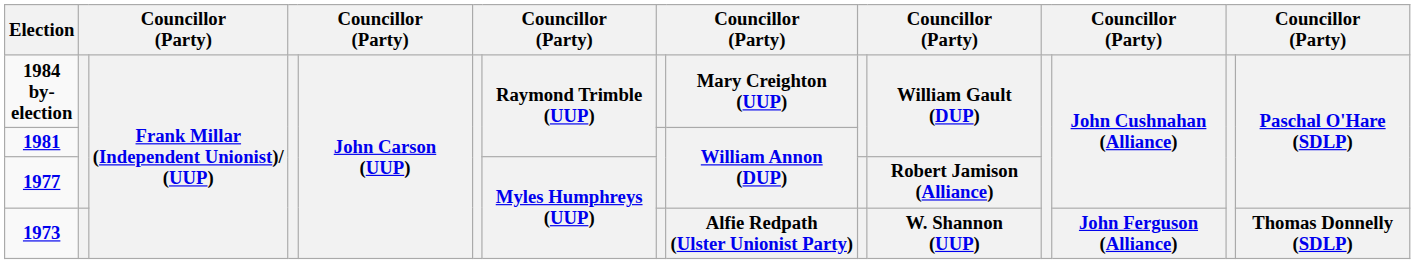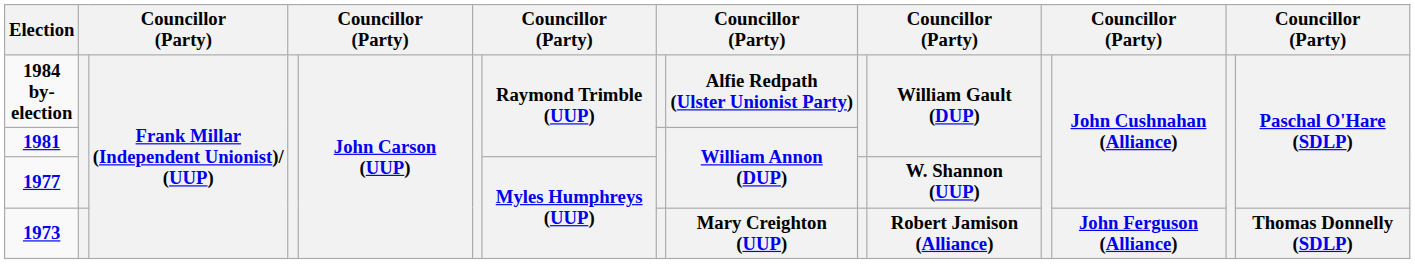 <table class="wikitable" style="text-align:center">
 <tr>
 <th scope="col" width="50">Election</th>
 <th scope="col" width="150" colspan = "2">Councillor<br> (Party)</th>
 <th scope="col" width="150" colspan = "2">Councillor<br> (Party)</th>
 <th scope="col" width="150" colspan = "2">Councillor<br> (Party)</th>
 <th scope="col" width="150" colspan = "2">Councillor<br> (Party)</th>
 <th scope="col" width="150" colspan = "2">Councillor<br> (Party)</th>
 <th scope="col" width="150" colspan = "2">Councillor<br> (Party)</th>
 <th scope="col" width="150" colspan = "2">Councillor<br> (Party)</th>
 </tr>
 <tr>
 <td><strong>1984 by-election</strong></td>
 <th rowspan="3" width="1" style="background-color: "></th>
 <th rowspan = "4"><a href='#'>Frank Millar</a> <br> (<a href='#'>Independent Unionist</a>)/ <br> (<a href='#'>UUP</a>)</th>
 <th rowspan="4" width="1" style="background-color: "></th>
 <th rowspan = "4"><a href='#'>John Carson</a> <br> (<a href='#'>UUP</a>)</th>
 <th rowspan="4" width="1" style="background-color: "></th>
 <th rowspan = "2">Raymond Trimble <br> (<a href='#'>UUP</a>)</th>
 <th rowspan="1" width="1" style="background-color: "></th>
-<th rowspan = "1">Mary Creighton <br> (<a href='#'>UUP</a>)</th>
+<th rowspan = "1">Alfie Redpath <br> (<a href='#'>Ulster Unionist Party</a>)</th>
 <th rowspan="2" width="1" style="background-color: "></th>
 <th rowspan = "2">William Gault <br> (<a href='#'>DUP</a>)</th>
 <th rowspan="4" width="1" style="background-color: "></th>
 <th rowspan = "3"><a href='#'>John Cushnahan</a> <br> (<a href='#'>Alliance</a>)</th>
 <th rowspan="4" width="1" style="background-color: "></th>
 <th rowspan = "3"><a href='#'>Paschal O'Hare</a> <br> (<a href='#'>SDLP</a>)</th>
 </tr>
 <tr>
 <td><strong><a href='#'>1981</a></strong></td>
 <th rowspan="2" width="1" style="background-color: "></th>
 <th rowspan = "2"><a href='#'>William Annon</a> <br> (<a href='#'>DUP</a>)</th>
 </tr>
 <tr>
 <td><strong><a href='#'>1977</a></strong></td>
 <th rowspan = "2"><a href='#'>Myles Humphreys</a> <br> (<a href='#'>UUP</a>)</th>
 <th rowspan="1" width="1" style="background-color: "></th>
-<th rowspan = "1">Robert Jamison <br> (<a href='#'>Alliance</a>)</th>
+<th rowspan = "1">W. Shannon <br> (<a href='#'>UUP</a>)</th>
 </tr>
 <tr>
 <td><strong><a href='#'>1973</a></strong></td>
 <th rowspan="1" width="1" style="background-color: "></th>
 <th rowspan="1" width="1" style="background-color: "></th>
-<th rowspan = "1">Alfie Redpath <br> (<a href='#'>Ulster Unionist Party</a>)</th>
+<th rowspan = "1">Mary Creighton <br> (<a href='#'>UUP</a>)</th>
 <th rowspan="1" width="1" style="background-color: "></th>
-<th rowspan = "1">W. Shannon <br> (<a href='#'>UUP</a>)</th>
+<th rowspan = "1">Robert Jamison <br> (<a href='#'>Alliance</a>)</th>
 <th rowspan = "1"><a href='#'>John Ferguson</a> <br> (<a href='#'>Alliance</a>)</th>
 <th rowspan = "1">Thomas Donnelly <br> (<a href='#'>SDLP</a>)</th>
 </tr>
 </table>
